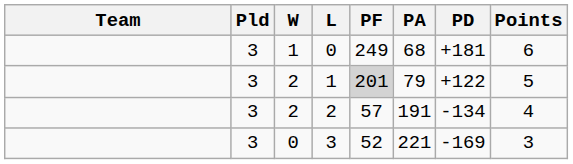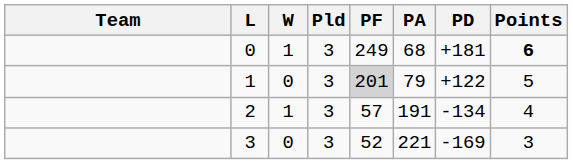 <table class="wikitable" style+"text-align:center;">
 <tr>
 <th width=150>Team</th>
+<th width=20>L</th>
+<th width=20>W</th>
 <th width=20>Pld</th>
-<th width=20>W</th>
-<th width=20>L</th>
 <th width=20>PF</th>
 <th width=20>PA</th>
 <th width=20>PD</th>
 <th width=20>Points</th>
 </tr>
 <tr align=center>
 <td align="left"></td>
+<td>0</td>
+<td>1</td>
 <td>3</td>
-<td>1</td>
-<td>0</td>
 <td>249</td>
 <td>68</td>
 <td>+181</td>
-<td>6</td>
+<td><strong>6</strong></td>
 </tr>
 <tr align=center>
 <td align="left"></td>
+<td>1</td>
+<td>0</td>
 <td>3</td>
-<td>2</td>
-<td>1</td>
 <td style="background: lightgrey;">201</td>
 <td>79</td>
 <td>+122</td>
 <td>5</td>
 </tr>
 <tr align=center>
 <td align="left"></td>
+<td>2</td>
+<td>1</td>
 <td>3</td>
-<td>2</td>
-<td>2</td>
 <td>57</td>
 <td>191</td>
 <td>-134</td>
 <td>4</td>
 </tr>
 <tr align=center>
 <td align="left"></td>
 <td>3</td>
 <td>0</td>
 <td>3</td>
 <td>52</td>
 <td>221</td>
 <td>-169</td>
 <td>3</td>
 </tr>
 </table>
